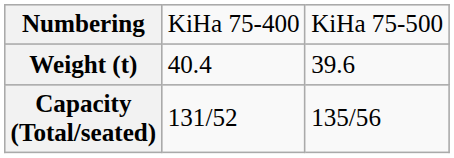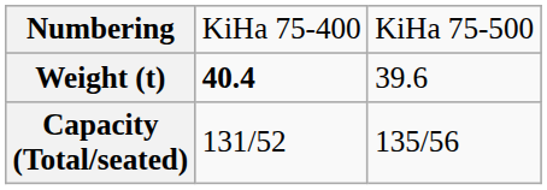 <table class="wikitable">
 <tr>
 <th>Numbering</th>
 <td>KiHa 75-400</td>
 <td>KiHa 75-500</td>
 </tr>
 <tr>
 <th>Weight (t)</th>
-<td>40.4</td>
+<td><strong>40.4</strong></td>
 <td>39.6</td>
 </tr>
 <tr>
 <th>Capacity<br>(Total/seated)</th>
 <td>131/52</td>
 <td>135/56</td>
 </tr>
 </table>
